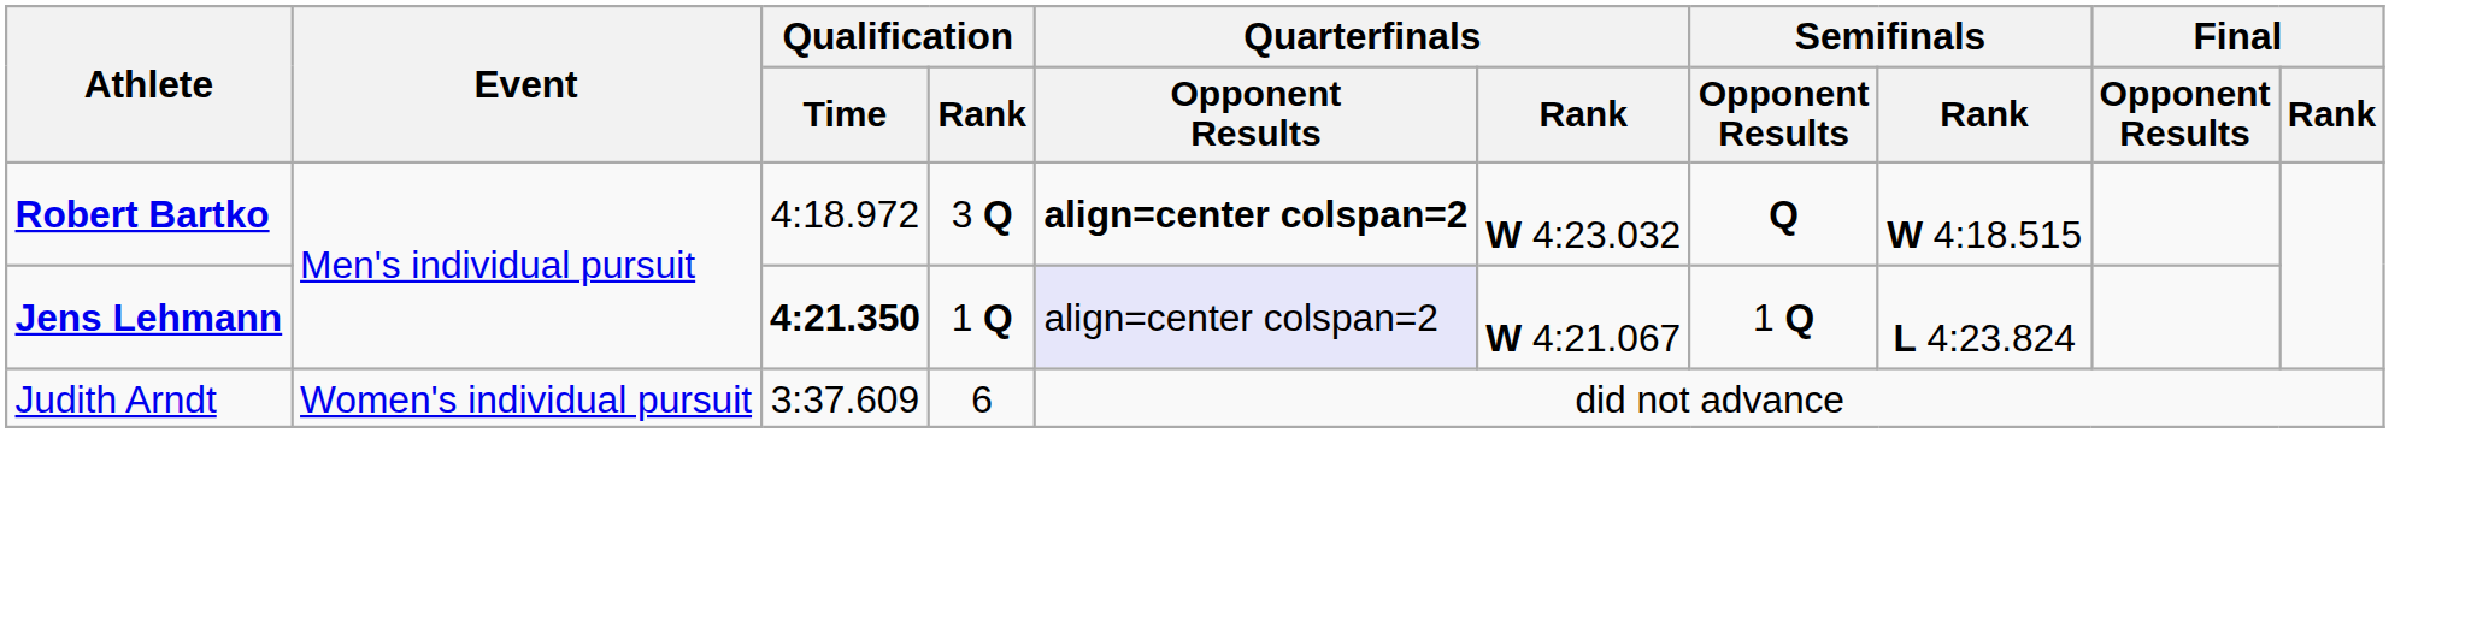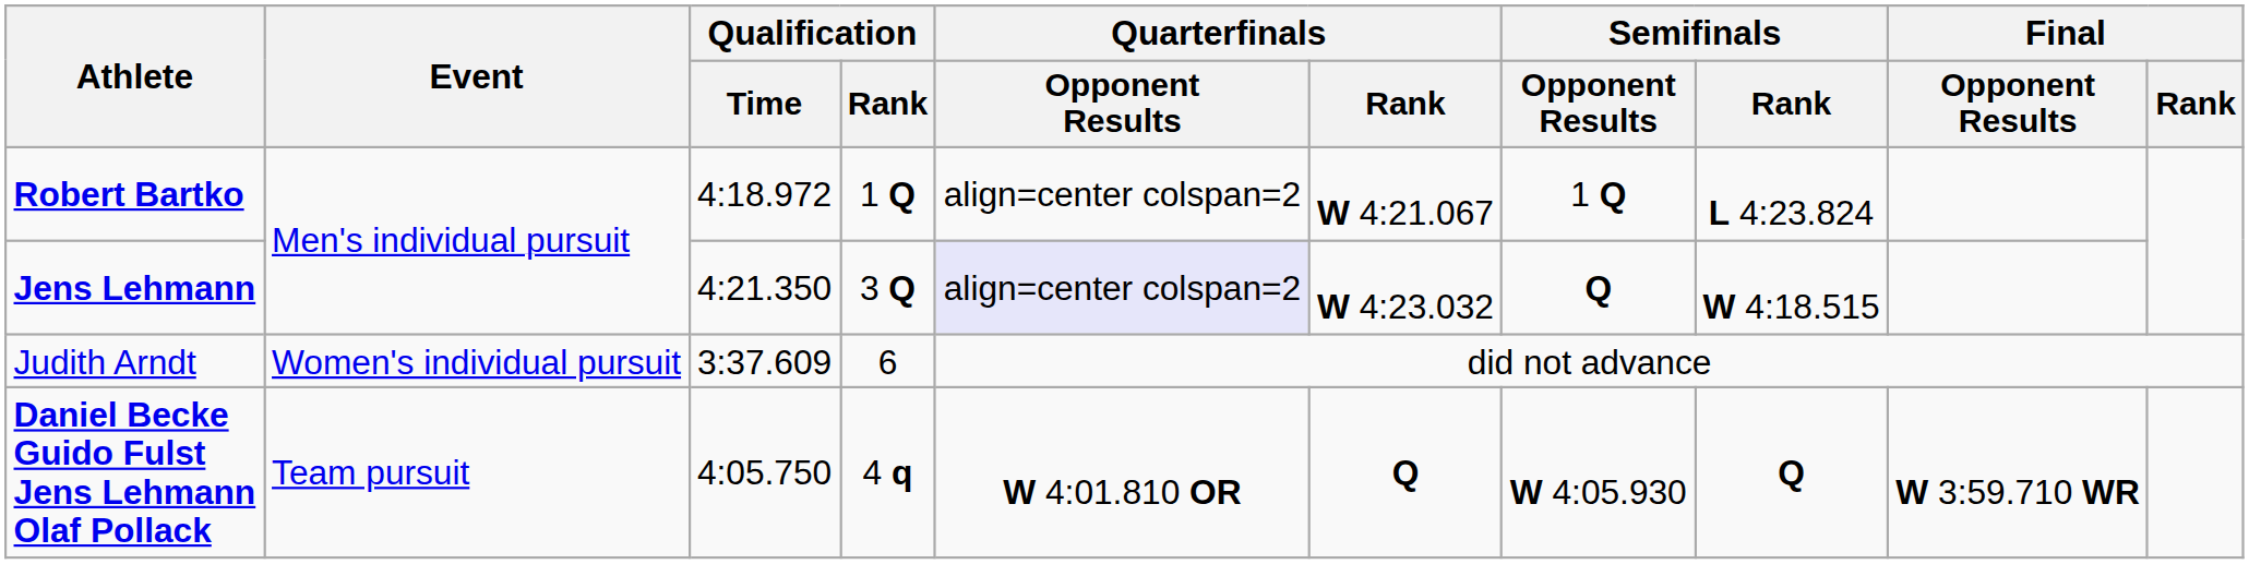 <table class=wikitable style="font-size:90%">
 <tr>
 <th rowspan="2">Athlete</th>
 <th rowspan="2">Event</th>
 <th colspan="2">Qualification</th>
 <th colspan="2">Quarterfinals</th>
 <th colspan="2">Semifinals</th>
 <th colspan="2">Final</th>
 </tr>
 <tr style="font-size:95%">
 <th>Time</th>
 <th>Rank</th>
 <th>Opponent<br>Results</th>
 <th>Rank</th>
 <th>Opponent<br>Results</th>
 <th>Rank</th>
 <th>Opponent<br>Results</th>
 <th>Rank</th>
 </tr>
 <tr>
 <td align=left><strong><a href='#'>Robert Bartko</a></strong></td>
 <td align=left rowspan=2><a href='#'>Men's individual pursuit</a></td>
 <td align=center>4:18.972</td>
-<td align=center>3 <strong>Q</strong></td>
-<td><strong>align=center colspan=2 </strong></td>
-<td align=center><br><strong>W</strong> 4:23.032</td>
-<td align=center><strong>Q</strong></td>
-<td align=center><br><strong>W</strong> 4:18.515</td>
+<td align=center>1 <strong>Q</strong></td>
+<td>align=center colspan=2 </td>
+<td align=center><br><strong>W</strong> 4:21.067</td>
+<td align=center>1 <strong>Q</strong></td>
+<td align=center><br><strong>L</strong> 4:23.824</td>
 <td align=center></td>
 </tr>
 <tr>
 <td align=left><strong><a href='#'>Jens Lehmann</a></strong></td>
-<td align=center><strong>4:21.350</strong></td>
-<td align=center>1 <strong>Q</strong></td>
+<td align=center>4:21.350</td>
+<td align=center>3 <strong>Q</strong></td>
 <td style="background: lavender;">align=center colspan=2 </td>
-<td align=center><br><strong>W</strong> 4:21.067</td>
-<td align=center>1 <strong>Q</strong></td>
-<td align=center><br><strong>L</strong> 4:23.824</td>
+<td align=center><br><strong>W</strong> 4:23.032</td>
+<td align=center><strong>Q</strong></td>
+<td align=center><br><strong>W</strong> 4:18.515</td>
 <td align=center></td>
 </tr>
 <tr>
 <td align=left><a href='#'>Judith Arndt</a></td>
 <td align=left><a href='#'>Women's individual pursuit</a></td>
 <td align=center>3:37.609</td>
 <td align=center>6</td>
 <td align=center colspan=6>did not advance</td>
 </tr>
+<tr>
+<td align=left><strong><a href='#'>Daniel Becke</a></strong><br> <strong><a href='#'>Guido Fulst</a></strong><br> <strong><a href='#'>Jens Lehmann</a></strong><br> <strong><a href='#'>Olaf Pollack</a></strong></td>
+<td align=left><a href='#'>Team pursuit</a></td>
+<td align=center>4:05.750</td>
+<td align=center>4 <strong>q</strong></td>
+<td align=center><br><strong>W</strong> 4:01.810 <strong>OR</strong></td>
+<td align=center><strong>Q</strong></td>
+<td align=center><br><strong>W</strong> 4:05.930</td>
+<td align=center><strong>Q</strong></td>
+<td align=center><br><strong>W</strong> 3:59.710 <strong>WR</strong></td>
+<td align=center></td>
+</tr>
 </table>
